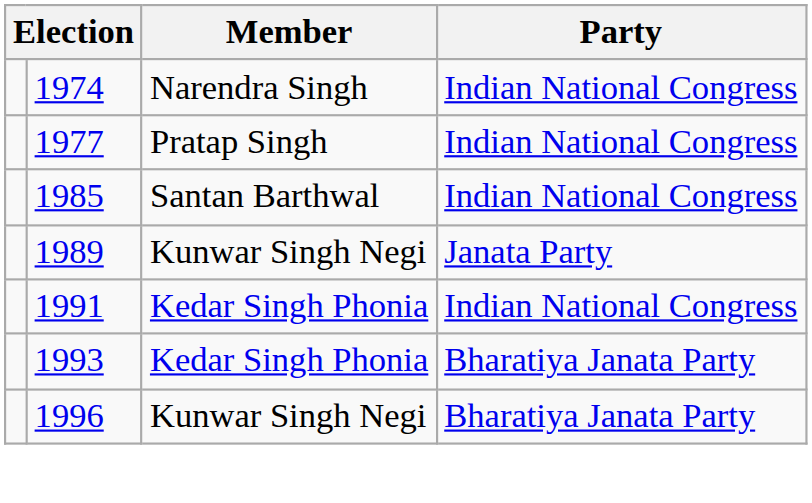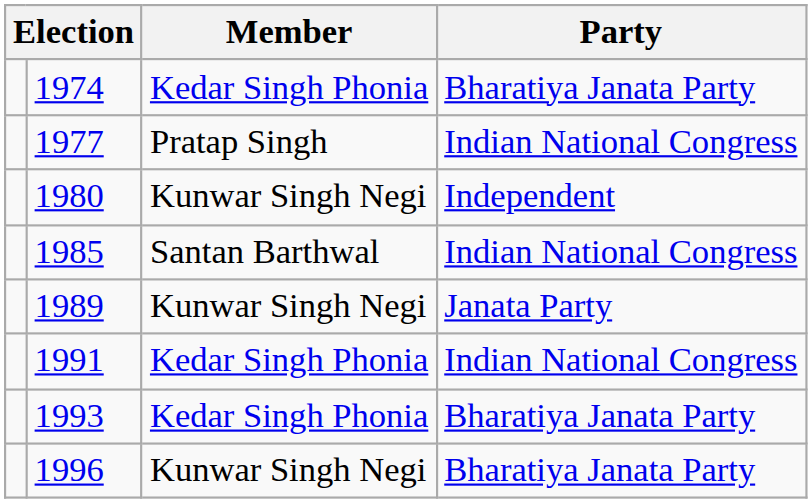 <table class="wikitable">
 <tr>
 <th colspan="2">Election</th>
 <th>Member</th>
 <th>Party</th>
 </tr>
 <tr>
 <td style="background-color: "></td>
 <td><a href='#'>1974</a></td>
-<td>Narendra Singh</td>
-<td><a href='#'>Indian National Congress</a></td>
+<td><a href='#'>Kedar Singh Phonia</a></td>
+<td><a href='#'>Bharatiya Janata Party</a></td>
 </tr>
 <tr>
 <td style="background-color: "></td>
 <td><a href='#'>1977</a></td>
 <td>Pratap Singh</td>
 <td><a href='#'>Indian National Congress</a></td>
+</tr>
+<tr>
+<td style="background-color: "></td>
+<td><a href='#'>1980</a></td>
+<td>Kunwar Singh Negi</td>
+<td><a href='#'>Independent</a></td>
 </tr>
 <tr>
 <td style="background-color: "></td>
 <td><a href='#'>1985</a></td>
 <td>Santan Barthwal</td>
 <td><a href='#'>Indian National Congress</a></td>
 </tr>
 <tr>
 <td style="background-color: "></td>
 <td><a href='#'>1989</a></td>
 <td>Kunwar Singh Negi</td>
 <td><a href='#'>Janata Party</a></td>
 </tr>
 <tr>
 <td style="background-color: "></td>
 <td><a href='#'>1991</a></td>
 <td><a href='#'>Kedar Singh Phonia</a></td>
 <td><a href='#'>Indian National Congress</a></td>
 </tr>
 <tr>
 <td style="background-color: "></td>
 <td><a href='#'>1993</a></td>
 <td><a href='#'>Kedar Singh Phonia</a></td>
 <td><a href='#'>Bharatiya Janata Party</a></td>
 </tr>
 <tr>
 <td style="background-color: "></td>
 <td><a href='#'>1996</a></td>
 <td>Kunwar Singh Negi</td>
 <td><a href='#'>Bharatiya Janata Party</a></td>
 </tr>
 </table>
